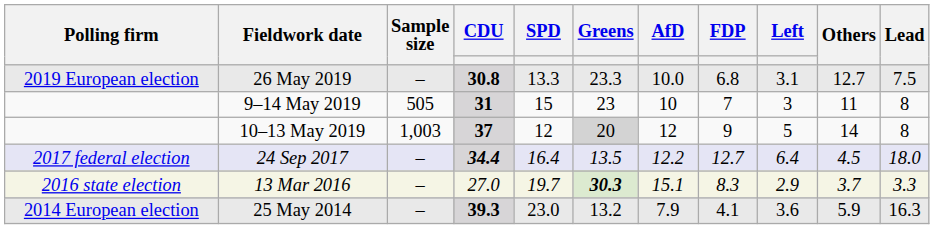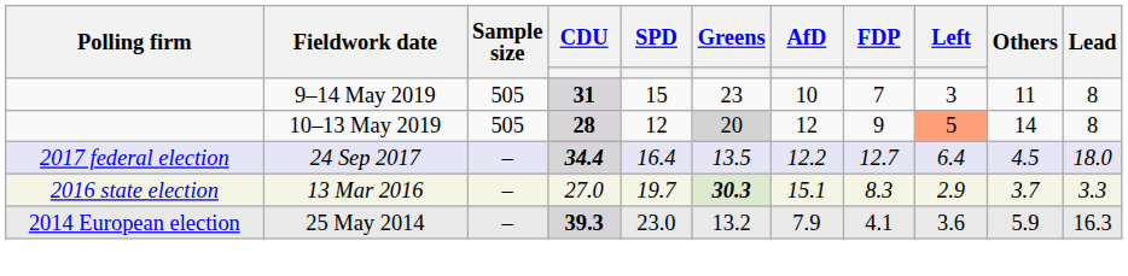 <table class="wikitable sortable" style="text-align:center;font-size:90%;line-height:14px;">
 <tr style="height:40px;">
 <th style="width:160px;" rowspan="2">Polling firm</th>
 <th style="width:125px;" rowspan="2">Fieldwork date</th>
 <th style="width:35px;" rowspan="2">Sample<br>size</th>
 <th class="unsortable" style="width:40px;"><span><a href='#'>CDU</a></span><br></th>
 <th class="unsortable" style="width:40px;"><a href='#'><span>SPD</span></a><br></th>
 <th class="unsortable" style="width:40px;"><a href='#'><span>Greens</span></a><br></th>
 <th class="unsortable" style="width:40px;"><a href='#'><span>AfD</span></a><br></th>
 <th class="unsortable" style="width:40px;"><a href='#'><span>FDP</span></a><br></th>
 <th class="unsortable" style="width:40px;"><a href='#'><span>Left</span></a><br></th>
 <th class="unsortable" style="width:30px;" rowspan="2">Others</th>
 <th style="width:30px;" rowspan="2">Lead</th>
 </tr>
 <tr>
 <th style="background:"></th>
 <th style="background:"></th>
 <th style="background:"></th>
 <th style="background:"></th>
 <th style="background:"></th>
 <th style="background:"></th>
 </tr>
-<tr style="background:#E9E9E9;">
-<td><a href='#'>2019 European election</a></td>
-<td data-sort-value="2019-05-26">26 May 2019</td>
-<td>–</td>
-<td style="background:#D7D5D7;"><strong>30.8</strong></td>
-<td>13.3</td>
-<td>23.3</td>
-<td>10.0</td>
-<td>6.8</td>
-<td>3.1</td>
-<td>12.7</td>
-<td style="background:">7.5</td>
-</tr>
 <tr>
 <td></td>
 <td data-sort-value="2019-05-14">9–14 May 2019</td>
 <td>505</td>
 <td style="background:#D7D5D7;"><strong>31</strong></td>
 <td>15</td>
 <td>23</td>
 <td>10</td>
 <td>7</td>
 <td>3</td>
 <td>11</td>
 <td style="background:">8</td>
 </tr>
 <tr>
 <td></td>
 <td data-sort-value="2019-05-13">10–13 May 2019</td>
-<td>1,003</td>
-<td style="background:#D7D5D7;"><strong>37</strong></td>
+<td>505</td>
+<td style="background:#D7D5D7;"><strong>28</strong></td>
 <td>12</td>
 <td style="background: lightgrey;">20</td>
 <td>12</td>
 <td>9</td>
-<td>5</td>
+<td style="background: lightsalmon;">5</td>
 <td>14</td>
 <td style="background:">8</td>
 </tr>
 <tr style="background:#E5E5F5;font-style:italic;">
 <td><a href='#'>2017 federal election</a></td>
 <td data-sort-value="2017-09-24">24 Sep 2017</td>
 <td>–</td>
 <td style="background:#D7D5D7;"><strong>34.4</strong></td>
 <td>16.4</td>
 <td>13.5</td>
 <td>12.2</td>
 <td>12.7</td>
 <td>6.4</td>
 <td>4.5</td>
 <td style="background:">18.0</td>
 </tr>
 <tr style="background:#F5F5E5;font-style:italic;">
 <td><a href='#'>2016 state election</a></td>
 <td data-sort-value="2016-03-13">13 Mar 2016</td>
 <td>–</td>
 <td>27.0</td>
 <td>19.7</td>
 <td style="background:#DCEAD0;"><strong>30.3</strong></td>
 <td>15.1</td>
 <td>8.3</td>
 <td>2.9</td>
 <td>3.7</td>
 <td style="background:">3.3</td>
 </tr>
 <tr style="background:#E9E9E9;">
 <td><a href='#'>2014 European election</a></td>
 <td data-sort-value="2014-05-25">25 May 2014</td>
 <td>–</td>
 <td style="background:#D7D5D7;"><strong>39.3</strong></td>
 <td>23.0</td>
 <td>13.2</td>
 <td>7.9</td>
 <td>4.1</td>
 <td>3.6</td>
 <td>5.9</td>
 <td style="background:">16.3</td>
 </tr>
 </table>
